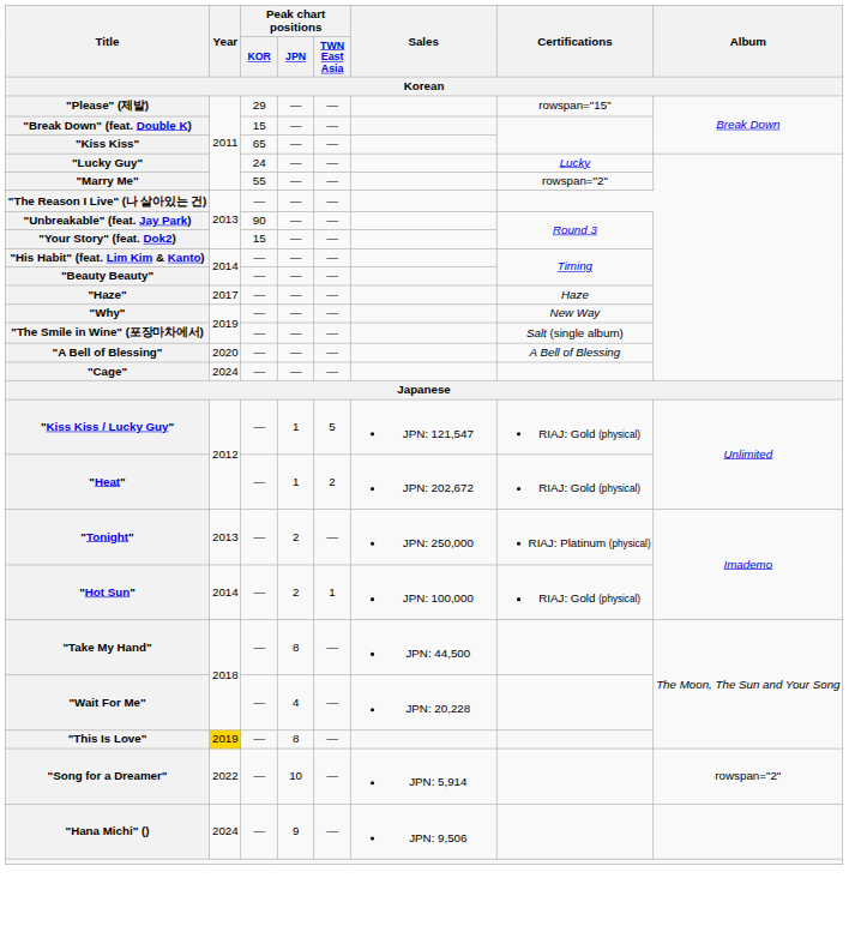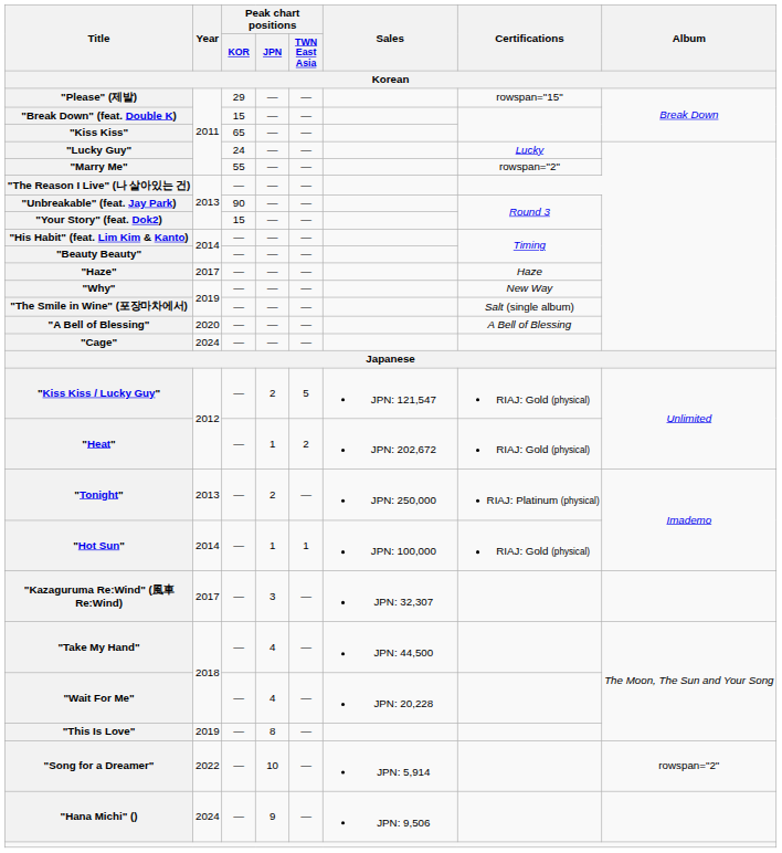 <table class="wikitable plainrowheaders" style="text-align:center;">
 <tr>
 <th rowspan="2" scope="col" style="width:17em;">Title</th>
 <th rowspan="2" scope="col">Year</th>
 <th colspan="3" scope="col">Peak chart positions</th>
 <th rowspan="2" scope="col" style="width:12em;">Sales</th>
 <th rowspan="2">Certifications</th>
 <th rowspan="2" scope="col">Album</th>
 </tr>
 <tr>
 <th scope="col" style="width:3em;font-size:90%"><a href='#'>KOR</a><br></th>
 <th scope="col" style="width:3em;font-size:90%"><a href='#'>JPN</a><br></th>
 <th scope="col" style="width:3em;font-size:90%"><a href='#'>TWN East Asia</a><br></th>
 </tr>
 <tr>
 <th colspan="8">Korean</th>
 </tr>
 <tr>
 <th scope="row">"Please" (제발)</th>
 <td rowspan="5">2011</td>
 <td>29</td>
 <td>—</td>
 <td>—</td>
 <td></td>
 <td>rowspan="15" </td>
 <td rowspan="3"><em><a href='#'>Break Down</a></em></td>
 </tr>
 <tr>
 <th scope="row">"Break Down" (feat. <a href='#'>Double K</a>)</th>
 <td>15</td>
 <td>—</td>
 <td>—</td>
 <td></td>
 </tr>
 <tr>
 <th scope=row>"Kiss Kiss"</th>
 <td>65</td>
 <td>—</td>
 <td>—</td>
 <td></td>
 </tr>
 <tr>
 <th scope=row>"Lucky Guy"</th>
 <td>24</td>
 <td>—</td>
 <td>—</td>
 <td></td>
 <td><em><a href='#'>Lucky</a></em></td>
 </tr>
 <tr>
 <th scope=row>"Marry Me"</th>
 <td>55</td>
 <td>—</td>
 <td>—</td>
 <td></td>
 <td>rowspan="2" </td>
 </tr>
 <tr>
 <th scope="row">"The Reason I Live" (나 살아있는 건)</th>
 <td rowspan=3>2013</td>
 <td>—</td>
 <td>—</td>
 <td>—</td>
 <td></td>
 </tr>
 <tr>
 <th scope=row>"Unbreakable" (feat. <a href='#'>Jay Park</a>)</th>
 <td>90</td>
 <td>—</td>
 <td>—</td>
 <td></td>
 <td rowspan=2><em><a href='#'>Round 3</a></em></td>
 </tr>
 <tr>
 <th scope=row>"Your Story" (feat. <a href='#'>Dok2</a>)</th>
 <td>15</td>
 <td>—</td>
 <td>—</td>
 <td></td>
 </tr>
 <tr>
 <th scope="row">"His Habit" (feat. <a href='#'>Lim Kim</a> & <a href='#'>Kanto</a>)</th>
 <td rowspan=2>2014</td>
 <td>—</td>
 <td>—</td>
 <td>—</td>
 <td></td>
 <td rowspan=2><em><a href='#'>Timing</a></em></td>
 </tr>
 <tr>
 <th scope=row>"Beauty Beauty"</th>
 <td>—</td>
 <td>—</td>
 <td>—</td>
 <td></td>
 </tr>
 <tr>
 <th scope=row>"Haze"</th>
 <td>2017</td>
 <td>—</td>
 <td>—</td>
 <td>—</td>
 <td></td>
 <td><em>Haze</em></td>
 </tr>
 <tr>
 <th scope="row">"Why"</th>
 <td rowspan="2">2019</td>
 <td>—</td>
 <td>—</td>
 <td>—</td>
 <td></td>
 <td><em>New Way</em></td>
 </tr>
 <tr>
 <th scope="row">"The Smile in Wine" (포장마차에서)</th>
 <td>—</td>
 <td>—</td>
 <td>—</td>
 <td></td>
 <td><em>Salt</em> (single album)</td>
 </tr>
 <tr>
 <th scope=row>"A Bell of Blessing"</th>
 <td>2020</td>
 <td>—</td>
 <td>—</td>
 <td>—</td>
 <td></td>
 <td><em>A Bell of Blessing</em></td>
 </tr>
 <tr>
 <th scope=row>"Cage"</th>
 <td>2024</td>
 <td>—</td>
 <td>—</td>
 <td>—</td>
 <td></td>
 <td></td>
 </tr>
 <tr>
 <th colspan="8">Japanese</th>
 </tr>
 <tr>
 <th scope=row>"<a href='#'>Kiss Kiss / Lucky Guy</a>"</th>
 <td rowspan="2">2012</td>
 <td>—</td>
-<td>1</td>
+<td>2</td>
 <td>5</td>
 <td><br><ul><li>JPN: 121,547</li></ul></td>
 <td><br><ul><li>RIAJ: Gold <small>(physical)</small></li></ul></td>
 <td rowspan="2"><em><a href='#'>Unlimited</a></em></td>
 </tr>
 <tr>
 <th scope=row>"<a href='#'>Heat</a>"</th>
 <td>—</td>
 <td>1</td>
 <td>2</td>
 <td><br><ul><li>JPN: 202,672</li></ul></td>
 <td><br><ul><li>RIAJ: Gold <small>(physical)</small></li></ul></td>
 </tr>
 <tr>
 <th scope=row>"<a href='#'>Tonight</a>"</th>
 <td>2013</td>
 <td>—</td>
 <td>2</td>
 <td>—</td>
 <td><br><ul><li>JPN: 250,000</li></ul></td>
 <td><br><ul><li>RIAJ: Platinum <small>(physical)</small></li></ul></td>
 <td rowspan="2"><em><a href='#'>Imademo</a></em></td>
 </tr>
 <tr>
 <th scope=row>"<a href='#'>Hot Sun</a>"</th>
 <td>2014</td>
 <td>—</td>
-<td>2</td>
+<td>1</td>
 <td>1</td>
 <td><br><ul><li>JPN: 100,000</li></ul></td>
 <td><br><ul><li>RIAJ: Gold <small>(physical)</small></li></ul></td>
 </tr>
 <tr>
+<th scope=row>"Kazaguruma Re:Wind" (風車 Re:Wind)</th>
+<td>2017</td>
+<td>—</td>
+<td>3</td>
+<td>—</td>
+<td><br><ul><li>JPN: 32,307</li></ul></td>
+<td></td>
+<td></td>
+</tr>
+<tr>
 <th scope=row>"Take My Hand"</th>
 <td rowspan="2">2018</td>
 <td>—</td>
-<td>8</td>
+<td>4</td>
 <td>—</td>
 <td><br><ul><li>JPN: 44,500</li></ul></td>
 <td></td>
 <td rowspan="3"><em>The Moon, The Sun and Your Song</em></td>
 </tr>
 <tr>
 <th scope=row>"Wait For Me"</th>
 <td>—</td>
 <td>4</td>
 <td>—</td>
 <td><br><ul><li>JPN: 20,228</li></ul></td>
 <td></td>
 </tr>
 <tr>
 <th scope=row>"This Is Love"</th>
-<td style="background: gold;">2019</td>
+<td>2019</td>
 <td>—</td>
 <td>8</td>
 <td>—</td>
 <td></td>
 <td></td>
 </tr>
 <tr>
 <th scope=row>"Song for a Dreamer"</th>
 <td>2022</td>
 <td>—</td>
 <td>10</td>
 <td>—</td>
 <td><br><ul><li>JPN: 5,914</li></ul></td>
 <td></td>
 <td>rowspan="2" </td>
 </tr>
 <tr>
 <th scope=row>"Hana Michi" ()</th>
 <td>2024</td>
 <td>—</td>
 <td>9</td>
 <td>—</td>
 <td><br><ul><li>JPN: 9,506</li></ul></td>
 <td></td>
 </tr>
 <tr>
 <td colspan="8"></td>
 </tr>
 </table>
